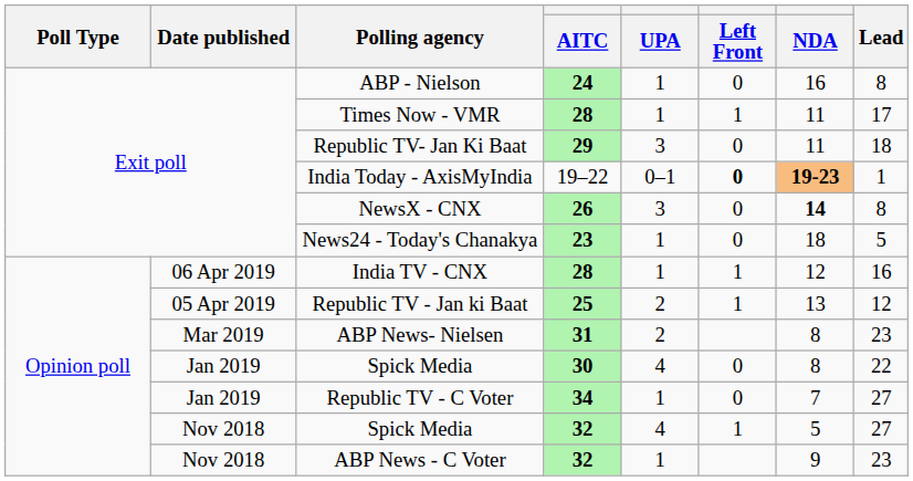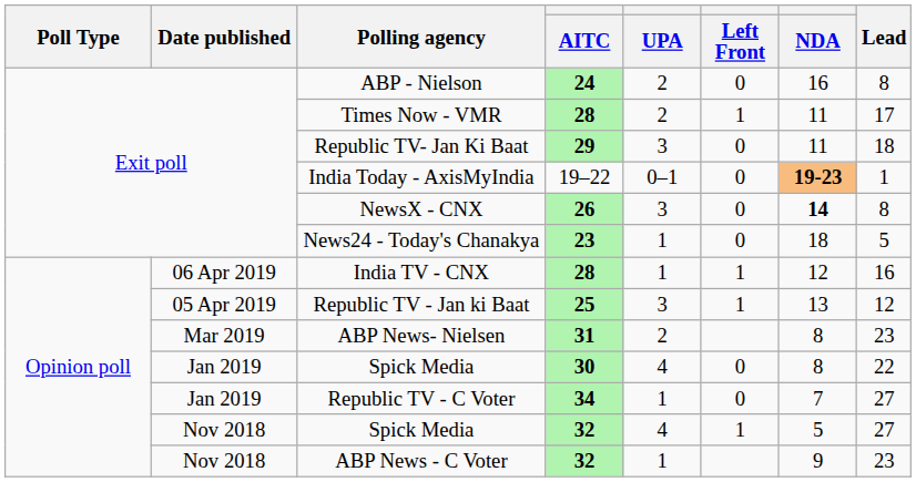 <table class="wikitable sortable" style="text-align:center;font-size:95%;line-height:16px">
 <tr>
 <th width="100" rowspan="2">Poll Type</th>
 <th width="100" rowspan="2">Date published</th>
 <th width="175" rowspan="2">Polling agency</th>
 <th style="background:"></th>
 <th style="background:"></th>
 <th style="background:"></th>
 <th style="background:"></th>
 <th rowspan="2">Lead</th>
 </tr>
 <tr>
 <th width="50" class="unsortable"><a href='#'>AITC</a></th>
 <th width="50" class="unsortable"><a href='#'>UPA</a></th>
 <th width="50" class="unsortable"><a href='#'>Left Front</a></th>
 <th width="50" class="unsortable"><a href='#'>NDA</a></th>
 </tr>
 <tr>
 <td colspan="2" rowspan="6"><a href='#'>Exit poll</a><br></td>
 <td>ABP - Nielson</td>
 <td style="background:#B0F4B0"><strong>24</strong></td>
-<td>1</td>
+<td>2</td>
 <td>0</td>
 <td>16</td>
 <td style="background:">8</td>
 </tr>
 <tr>
 <td>Times Now - VMR</td>
 <td style="background:#B0F4B0"><strong>28</strong></td>
-<td>1</td>
+<td>2</td>
 <td>1</td>
 <td>11</td>
 <td style="background:">17</td>
 </tr>
 <tr>
 <td>Republic TV- Jan Ki Baat</td>
 <td style="background:#B0F4B0"><strong>29</strong></td>
 <td>3</td>
 <td>0</td>
 <td>11</td>
 <td style="background:">18</td>
 </tr>
 <tr>
 <td>India Today - AxisMyIndia </td>
 <td>19–22</td>
 <td>0–1</td>
-<td><strong>0</strong></td>
+<td>0</td>
 <td style="background:#F9BC7F"><strong>19-23</strong></td>
 <td style="background:">1</td>
 </tr>
 <tr>
 <td>NewsX - CNX</td>
 <td style="background:#B0F4B0"><strong>26</strong></td>
 <td>3</td>
 <td>0</td>
 <td><strong>14</strong></td>
 <td style="background:">8</td>
 </tr>
 <tr>
 <td>News24 - Today's Chanakya</td>
 <td style="background:#B0F4B0"><strong>23</strong></td>
 <td>1</td>
 <td>0</td>
 <td>18</td>
 <td style="background:">5</td>
 </tr>
 <tr>
 <td rowspan="7"><a href='#'>Opinion poll</a></td>
 <td>06 Apr 2019</td>
 <td>India TV - CNX</td>
 <td style="background:#B0F4B0"><strong>28</strong></td>
 <td>1</td>
 <td>1</td>
 <td>12</td>
 <td style="background:">16</td>
 </tr>
 <tr>
 <td>05 Apr 2019</td>
 <td>Republic TV - Jan ki Baat</td>
 <td style="background:#B0F4B0"><strong>25</strong></td>
-<td>2</td>
+<td>3</td>
 <td>1</td>
 <td>13</td>
 <td style="background:">12</td>
 </tr>
 <tr>
 <td>Mar 2019</td>
 <td>ABP News- Nielsen</td>
 <td style="background:#B0F4B0"><strong>31</strong></td>
 <td>2</td>
 <td></td>
 <td>8</td>
 <td style="background:">23</td>
 </tr>
 <tr>
 <td>Jan 2019</td>
 <td>Spick Media</td>
 <td style="background:#B0F4B0"><strong>30</strong></td>
 <td>4</td>
 <td>0</td>
 <td>8</td>
 <td style="background:">22</td>
 </tr>
 <tr>
 <td>Jan 2019</td>
 <td>Republic TV - C Voter</td>
 <td style="background:#B0F4B0"><strong>34</strong></td>
 <td>1</td>
 <td>0</td>
 <td>7</td>
 <td style="background:">27</td>
 </tr>
 <tr>
 <td>Nov 2018</td>
 <td>Spick Media</td>
 <td style="background:#B0F4B0"><strong>32</strong></td>
 <td>4</td>
 <td>1</td>
 <td>5</td>
 <td style="background:">27</td>
 </tr>
 <tr>
 <td>Nov 2018</td>
 <td>ABP News - C Voter</td>
 <td style="background:#B0F4B0"><strong>32</strong></td>
 <td>1</td>
 <td></td>
 <td>9</td>
 <td style="background:">23</td>
 </tr>
 </table>
